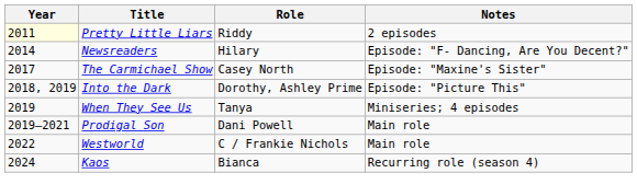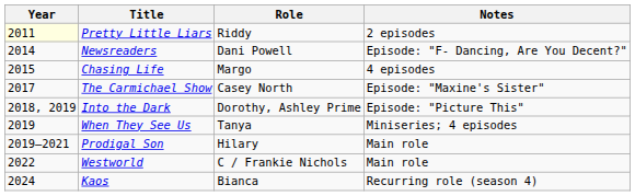 <table class="wikitable sortable">
 <tr>
 <th>Year</th>
 <th>Title</th>
 <th>Role</th>
 <th class="unsortable">Notes</th>
 </tr>
 <tr>
 <td style="background: lightyellow;">2011</td>
 <td><em><a href='#'>Pretty Little Liars</a></em></td>
 <td>Riddy</td>
 <td>2 episodes</td>
 </tr>
 <tr>
 <td>2014</td>
 <td><em><a href='#'>Newsreaders</a></em></td>
-<td>Hilary</td>
+<td>Dani Powell</td>
 <td>Episode: "F- Dancing, Are You Decent?"</td>
+</tr>
+<tr>
+<td>2015</td>
+<td><em><a href='#'>Chasing Life</a></em></td>
+<td>Margo</td>
+<td>4 episodes</td>
 </tr>
 <tr>
 <td>2017</td>
 <td><em><a href='#'>The Carmichael Show</a></em></td>
 <td>Casey North</td>
 <td>Episode: "Maxine's Sister"</td>
 </tr>
 <tr>
 <td>2018, 2019</td>
 <td><em><a href='#'>Into the Dark</a></em></td>
 <td>Dorothy, Ashley Prime</td>
 <td>Episode: "Picture This"</td>
 </tr>
 <tr>
 <td>2019</td>
 <td><em><a href='#'>When They See Us</a></em></td>
 <td>Tanya</td>
 <td>Miniseries; 4 episodes</td>
 </tr>
 <tr>
 <td>2019–2021</td>
 <td><em><a href='#'>Prodigal Son</a></em></td>
-<td>Dani Powell</td>
+<td>Hilary</td>
 <td>Main role</td>
 </tr>
 <tr>
 <td>2022</td>
 <td><em><a href='#'>Westworld</a></em></td>
 <td>C / Frankie Nichols</td>
 <td>Main role</td>
 </tr>
 <tr>
 <td>2024</td>
 <td><em><a href='#'>Kaos</a></em></td>
 <td>Bianca</td>
 <td>Recurring role (season 4)</td>
 </tr>
 </table>
